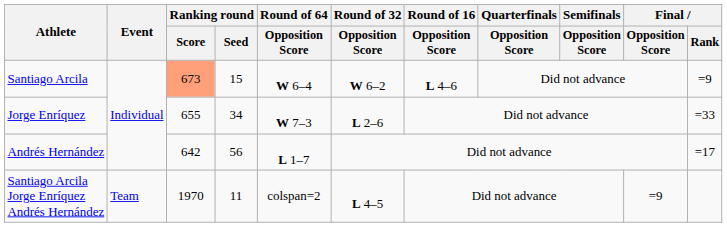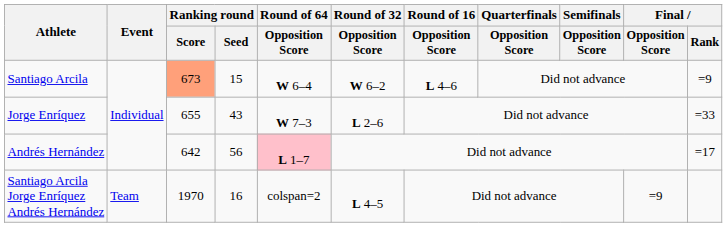 <table class="wikitable" style="font-size:90%; text-align:center">
 <tr>
 <th rowspan=2>Athlete</th>
 <th rowspan=2>Event</th>
 <th colspan="2">Ranking round</th>
 <th>Round of 64</th>
 <th>Round of 32</th>
 <th>Round of 16</th>
 <th>Quarterfinals</th>
 <th>Semifinals</th>
 <th colspan="2">Final / </th>
 </tr>
 <tr style="font-size:95%">
 <th>Score</th>
 <th>Seed</th>
 <th>Opposition<br>Score</th>
 <th>Opposition<br>Score</th>
 <th>Opposition<br>Score</th>
 <th>Opposition<br>Score</th>
 <th>Opposition<br>Score</th>
 <th>Opposition<br>Score</th>
 <th>Rank</th>
 </tr>
 <tr align=center>
 <td align=left><a href='#'>Santiago Arcila</a></td>
 <td align=left rowspan=3><a href='#'>Individual</a></td>
 <td style="background: lightsalmon;">673</td>
 <td>15</td>
 <td><br><strong>W</strong> 6–4</td>
 <td><br><strong>W</strong> 6–2</td>
 <td><br><strong>L</strong> 4–6</td>
 <td colspan=3>Did not advance</td>
 <td>=9</td>
 </tr>
 <tr>
 <td align=left><a href='#'>Jorge Enríquez</a></td>
 <td>655</td>
-<td>34</td>
+<td>43</td>
 <td><br><strong>W</strong> 7–3</td>
 <td><br><strong>L</strong> 2–6</td>
 <td colspan=4>Did not advance</td>
 <td>=33</td>
 </tr>
 <tr>
 <td align=left><a href='#'>Andrés Hernández</a></td>
 <td>642</td>
 <td>56</td>
-<td><br><strong>L</strong> 1–7</td>
+<td style="background: pink;"><br><strong>L</strong> 1–7</td>
 <td colspan=5>Did not advance</td>
 <td>=17</td>
 </tr>
 <tr align=center>
 <td align=left><a href='#'>Santiago Arcila</a><br><a href='#'>Jorge Enríquez</a><br><a href='#'>Andrés Hernández</a></td>
 <td align=left><a href='#'>Team</a></td>
 <td>1970</td>
-<td>11</td>
+<td>16</td>
 <td>colspan=2 </td>
 <td><br><strong>L</strong> 4–5</td>
 <td Colspan=3>Did not advance</td>
 <td>=9</td>
 </tr>
 </table>
